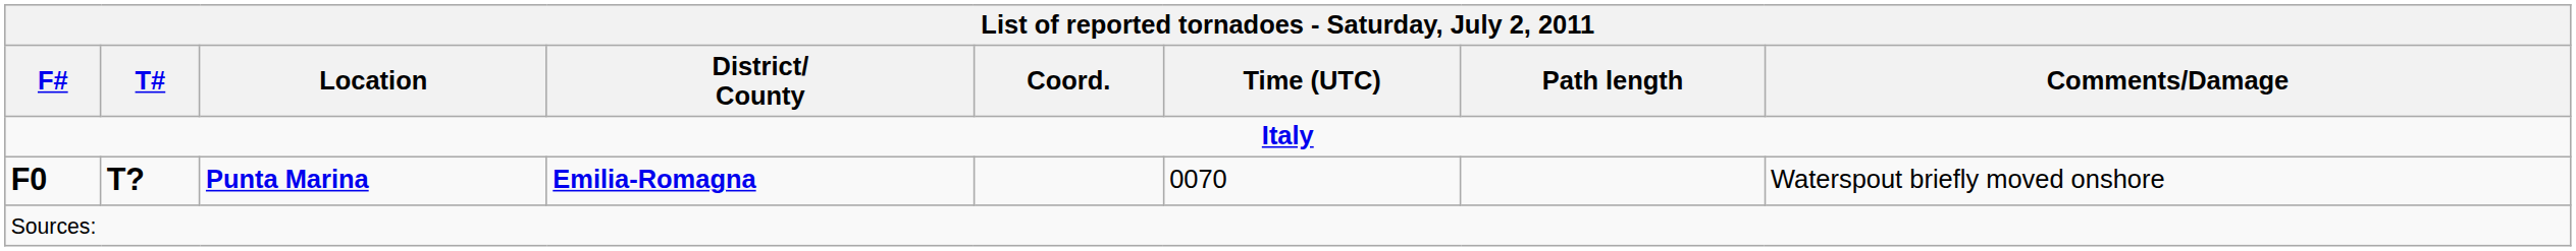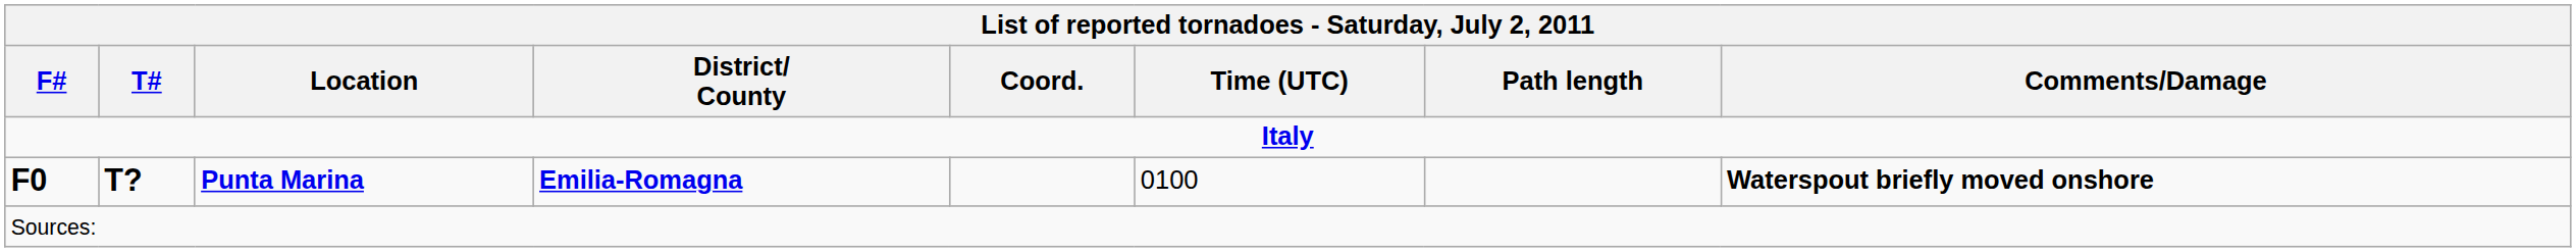 <table class="wikitable collapsible" width="100%">
 <tr>
 <th colspan="8">List of reported tornadoes - Saturday, July 2, 2011</th>
 </tr>
 <tr>
 <th><a href='#'>F#</a></th>
 <th><a href='#'>T#</a></th>
 <th>Location</th>
 <th>District/<br>County</th>
 <th>Coord.</th>
 <th>Time (UTC)</th>
 <th>Path length</th>
 <th>Comments/Damage</th>
 </tr>
 <tr>
 <td colspan="8" align=center><strong><a href='#'>Italy</a></strong></td>
 </tr>
 <tr>
 <td><big><strong>F0</strong></big></td>
 <td><big><strong>T?</strong></big></td>
 <td><strong><a href='#'>Punta Marina</a></strong></td>
 <td><strong><a href='#'>Emilia-Romagna</a></strong></td>
 <td></td>
-<td>0070</td>
+<td>0100</td>
 <td></td>
-<td>Waterspout briefly moved onshore</td>
+<td><strong>Waterspout briefly moved onshore</strong></td>
 </tr>
 <tr>
 <td colspan="8"><small>Sources:  </small></td>
 </tr>
 </table>
